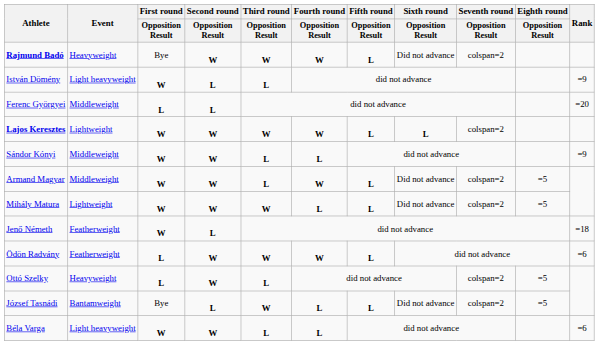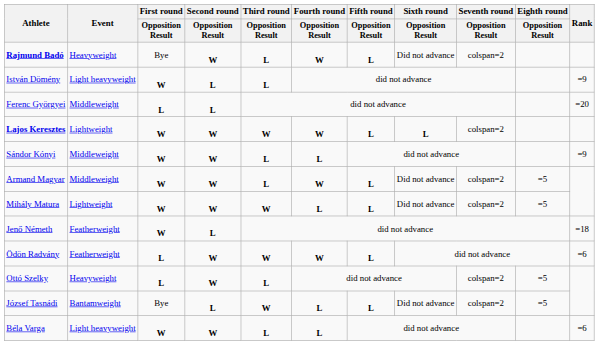 <table class="wikitable" style="font-size:90%;">
 <tr>
 <th rowspan=2>Athlete</th>
 <th rowspan=2>Event</th>
 <th>First round</th>
 <th>Second round</th>
 <th>Third round</th>
 <th>Fourth round</th>
 <th>Fifth round</th>
 <th>Sixth round</th>
 <th>Seventh round</th>
 <th>Eighth round</th>
 <th rowspan=2>Rank</th>
 </tr>
 <tr style="font-size: 95%">
 <th>Opposition<br>Result</th>
 <th>Opposition<br>Result</th>
 <th>Opposition<br>Result</th>
 <th>Opposition<br>Result</th>
 <th>Opposition<br>Result</th>
 <th>Opposition<br>Result</th>
 <th>Opposition<br>Result</th>
 <th>Opposition<br>Result</th>
 </tr>
 <tr align=center>
 <td align=left><strong><a href='#'>Rajmund Badó</a></strong></td>
 <td align=left><a href='#'>Heavyweight</a></td>
 <td>Bye</td>
 <td> <br> <strong>W</strong></td>
-<td> <br> <strong>W</strong></td>
+<td> <br> <strong>L</strong></td>
 <td> <br> <strong>W</strong></td>
 <td> <br> <strong>L</strong></td>
 <td>Did not advance</td>
 <td>colspan=2 </td>
 <td></td>
 </tr>
 <tr align=center>
 <td align=left><a href='#'>István Dömény</a></td>
 <td align=left><a href='#'>Light heavyweight</a></td>
 <td> <br> <strong>W</strong></td>
 <td> <br> <strong>L</strong></td>
 <td> <br> <strong>L</strong></td>
 <td colspan=4>did not advance</td>
 <td></td>
 <td>=9</td>
 </tr>
 <tr align=center>
 <td align=left><a href='#'>Ferenc Györgyei</a></td>
 <td align=left><a href='#'>Middleweight</a></td>
 <td> <br> <strong>L</strong></td>
 <td> <br> <strong>L</strong></td>
 <td colspan=5>did not advance</td>
 <td></td>
 <td>=20</td>
 </tr>
 <tr align=center>
 <td align=left><strong><a href='#'>Lajos Keresztes</a></strong></td>
 <td align=left><a href='#'>Lightweight</a></td>
 <td> <br> <strong>W</strong></td>
 <td> <br> <strong>W</strong></td>
 <td> <br> <strong>W</strong></td>
 <td> <br> <strong>W</strong></td>
 <td> <br> <strong>L</strong></td>
 <td> <br> <strong>L</strong></td>
 <td>colspan=2 </td>
 <td></td>
 </tr>
 <tr align=center>
 <td align=left><a href='#'>Sándor Kónyi</a></td>
 <td align=left><a href='#'>Middleweight</a></td>
 <td> <br> <strong>W</strong></td>
 <td> <br> <strong>W</strong></td>
 <td> <br> <strong>L</strong></td>
 <td> <br> <strong>L</strong></td>
 <td colspan=3>did not advance</td>
 <td></td>
 <td>=9</td>
 </tr>
 <tr align=center>
 <td align=left><a href='#'>Armand Magyar</a></td>
 <td align=left><a href='#'>Middleweight</a></td>
 <td> <br> <strong>W</strong></td>
 <td> <br> <strong>W</strong></td>
 <td> <br> <strong>L</strong></td>
 <td> <br> <strong>W</strong></td>
 <td> <br> <strong>L</strong></td>
 <td>Did not advance</td>
 <td>colspan=2 </td>
 <td>=5</td>
 </tr>
 <tr align=center>
 <td align=left><a href='#'>Mihály Matura</a></td>
 <td align=left><a href='#'>Lightweight</a></td>
 <td> <br> <strong>W</strong></td>
 <td> <br> <strong>W</strong></td>
 <td> <br> <strong>W</strong></td>
 <td> <br> <strong>L</strong></td>
 <td> <br> <strong>L</strong></td>
 <td>Did not advance</td>
 <td>colspan=2 </td>
 <td>=5</td>
 </tr>
 <tr align=center>
 <td align=left><a href='#'>Jenő Németh</a></td>
 <td align=left><a href='#'>Featherweight</a></td>
 <td> <br> <strong>W</strong></td>
 <td> <br> <strong>L</strong></td>
 <td colspan=6>did not advance</td>
 <td>=18</td>
 </tr>
 <tr align=center>
 <td align=left><a href='#'>Ödön Radvány</a></td>
 <td align=left><a href='#'>Featherweight</a></td>
 <td> <br> <strong>L</strong></td>
 <td> <br> <strong>W</strong></td>
 <td> <br> <strong>W</strong></td>
 <td> <br> <strong>W</strong></td>
 <td> <br> <strong>L</strong></td>
 <td colspan=3>did not advance</td>
 <td>=6</td>
 </tr>
 <tr align=center>
 <td align=left><a href='#'>Ottó Szelky</a></td>
 <td align=left><a href='#'>Heavyweight</a></td>
 <td> <br> <strong>L</strong></td>
 <td> <br> <strong>W</strong></td>
 <td> <br> <strong>L</strong></td>
 <td colspan=3>did not advance</td>
 <td>colspan=2 </td>
 <td>=5</td>
 </tr>
 <tr align=center>
 <td align=left><a href='#'>József Tasnádi</a></td>
 <td align=left><a href='#'>Bantamweight</a></td>
 <td>Bye</td>
 <td> <br> <strong>L</strong></td>
 <td> <br> <strong>W</strong></td>
 <td> <br> <strong>L</strong></td>
 <td> <br> <strong>L</strong></td>
 <td>Did not advance</td>
 <td>colspan=2 </td>
 <td>=5</td>
 </tr>
 <tr align=center>
 <td align=left><a href='#'>Béla Varga</a></td>
 <td align=left><a href='#'>Light heavyweight</a></td>
 <td> <br> <strong>W</strong></td>
 <td> <br> <strong>W</strong></td>
 <td> <br> <strong>L</strong></td>
 <td> <br> <strong>L</strong></td>
 <td colspan=3>did not advance</td>
 <td></td>
 <td>=6</td>
 </tr>
 </table>
